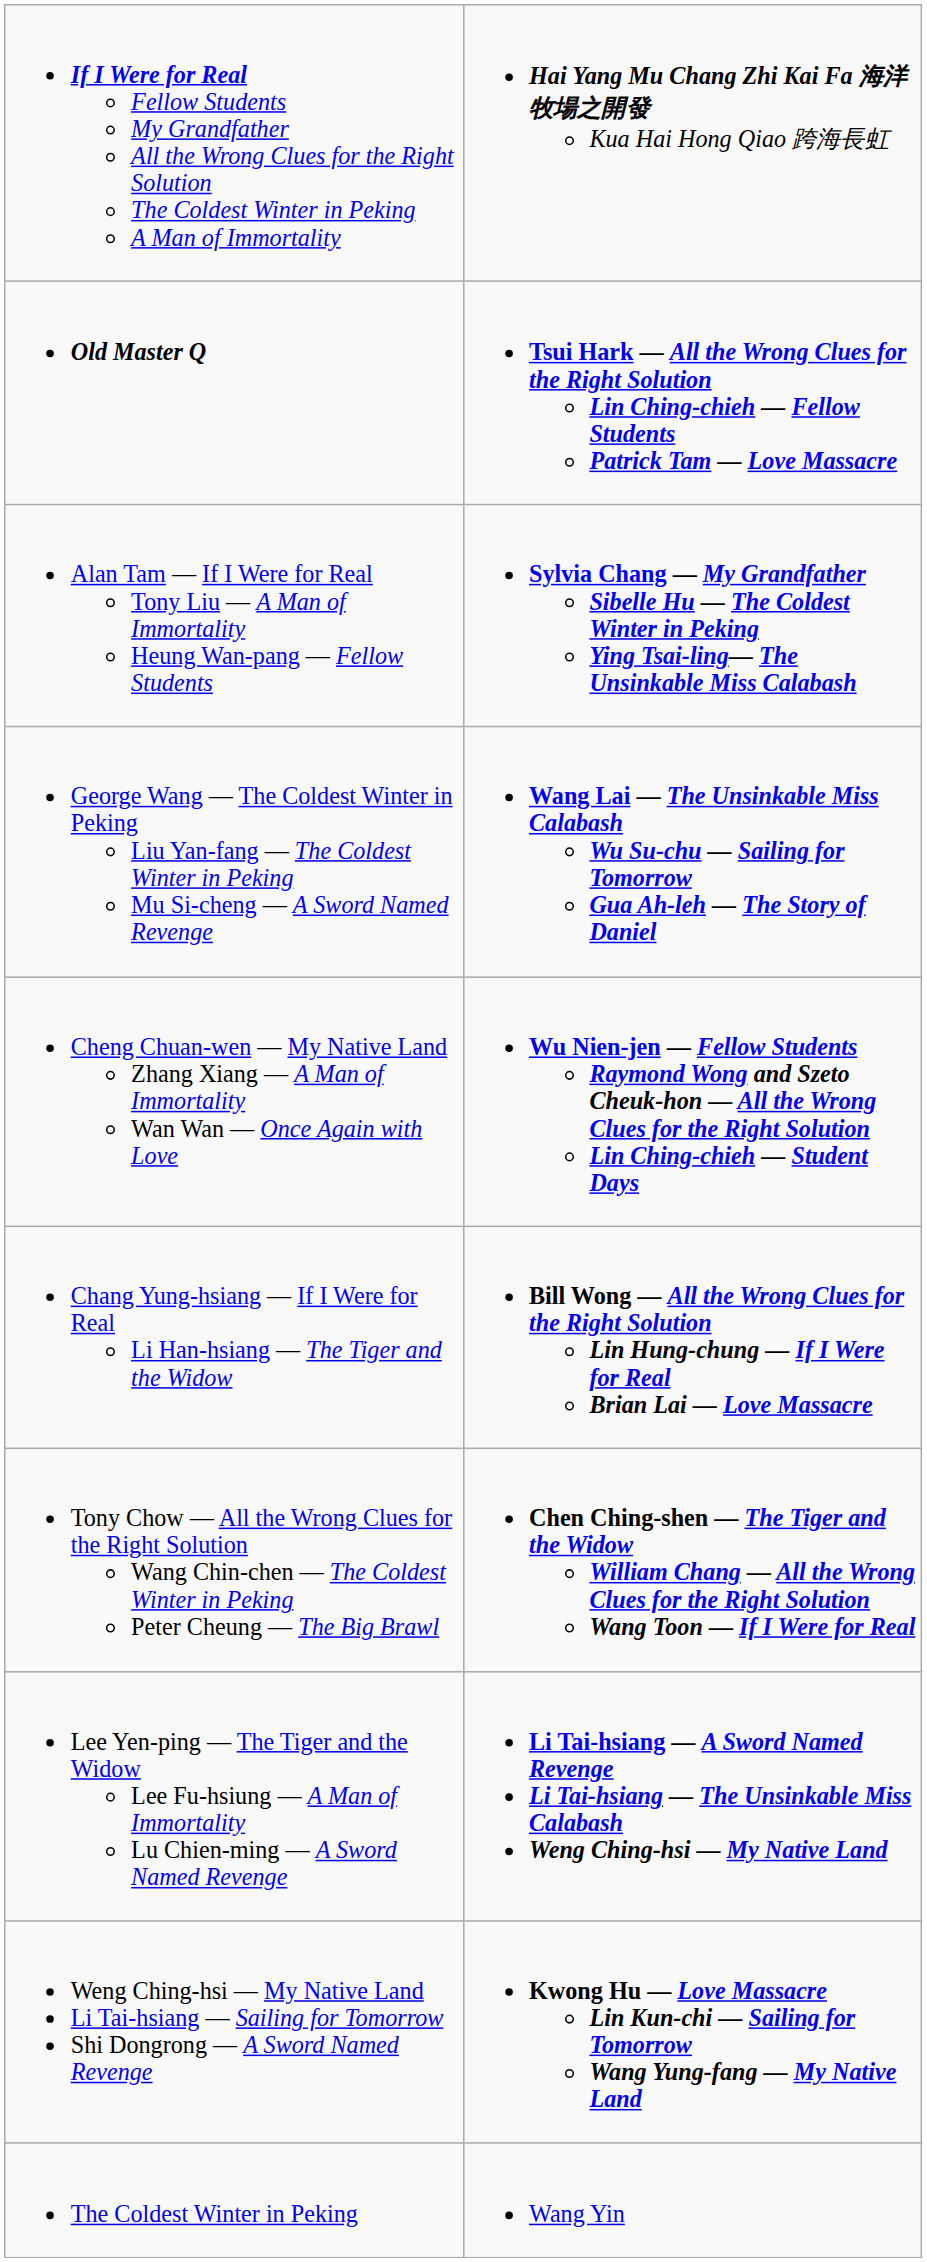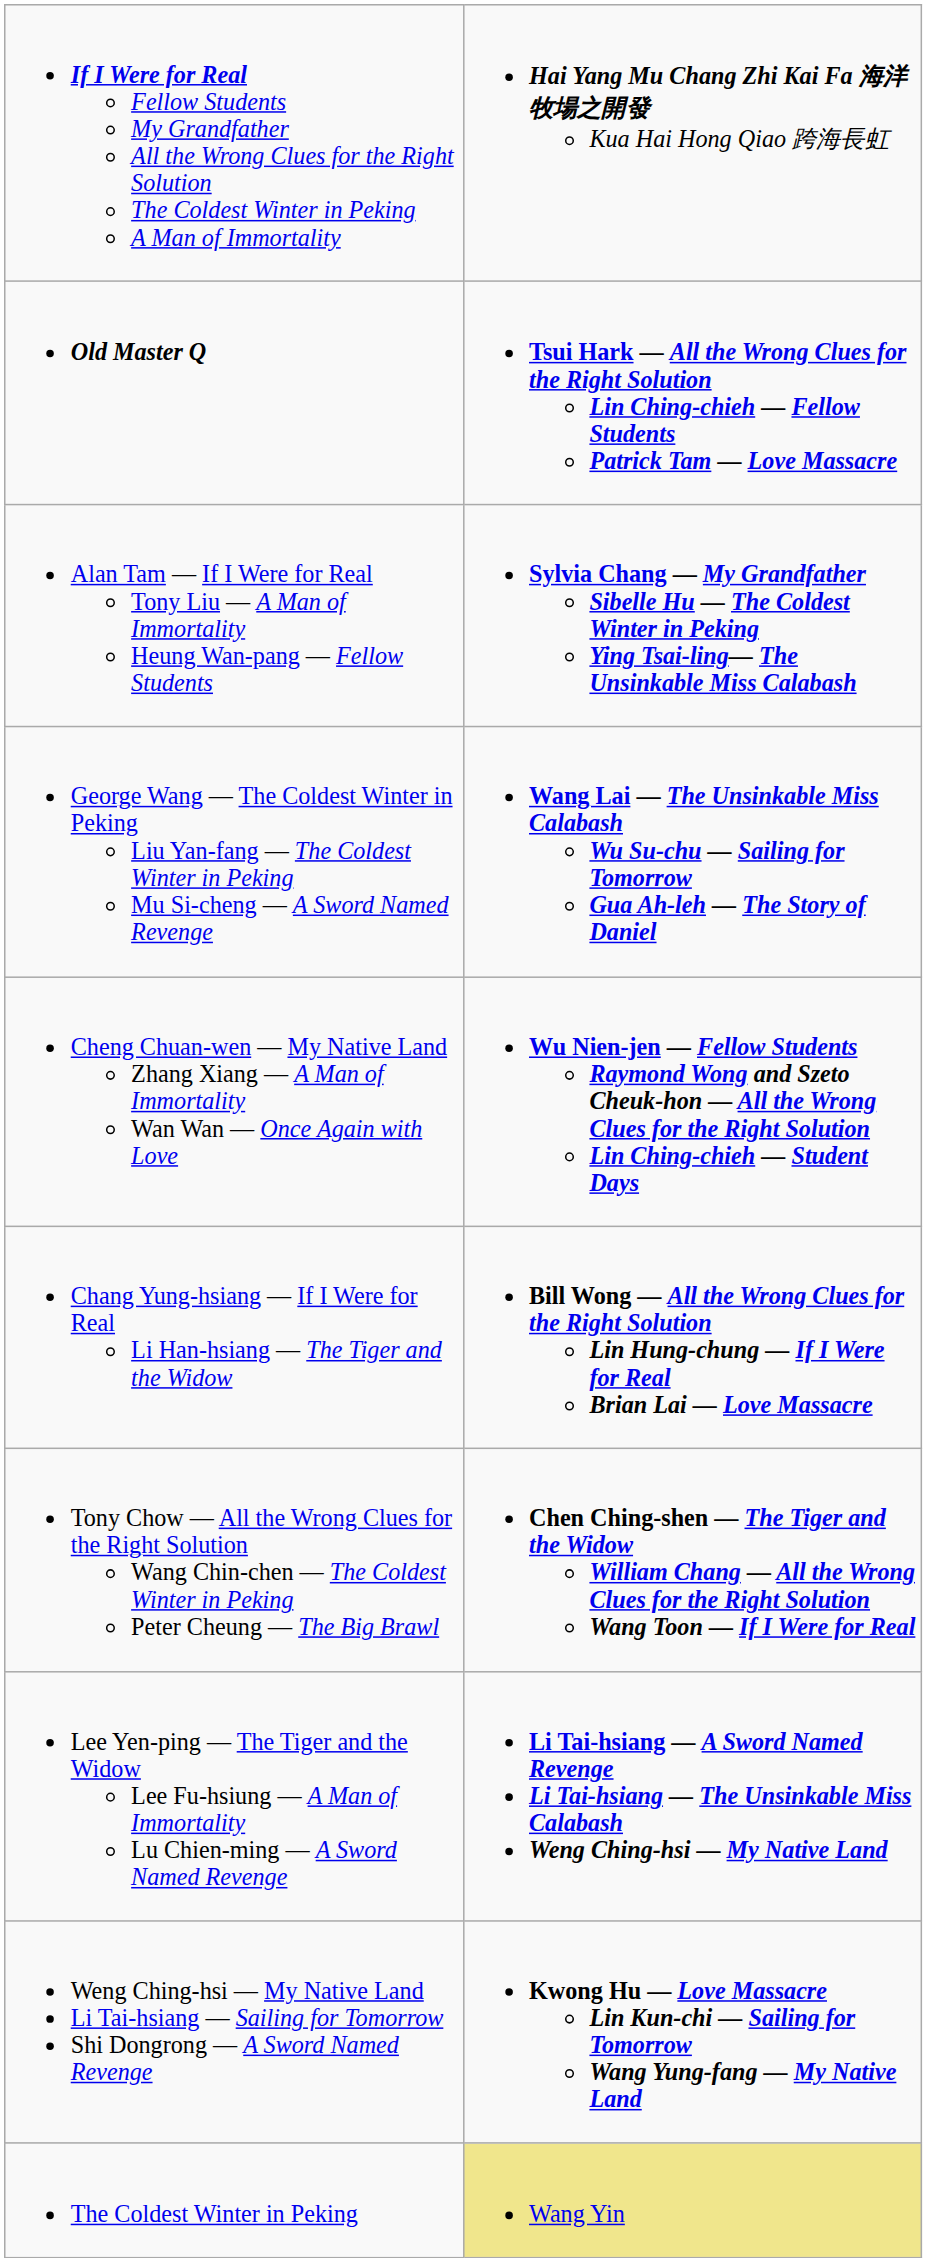 <table class=wikitable>
 <tr>
 <td valign="top" width="50%"><br><ul><li><strong><em><a href='#'>If I Were for Real</a></em></strong><ul><li><em><a href='#'>Fellow Students</a></em></li><li><em><a href='#'>My Grandfather</a></em></li><li><em><a href='#'>All the Wrong Clues for the Right Solution</a></em></li><li><em><a href='#'>The Coldest Winter in Peking</a></em></li><li><em><a href='#'>A Man of Immortality</a></em></li></ul></li></ul></td>
 <td valign="top" width="50%"><br><ul><li><strong><em>Hai Yang Mu Chang Zhi Kai Fa 海洋牧場之開發</em></strong><ul><li><em>Kua Hai Hong Qiao 跨海長虹</em></li></ul></li></ul></td>
 </tr>
 <tr>
 <td valign="top" width="50%"><br><ul><li><strong><em>Old Master Q</em></strong></li></ul></td>
 <td valign="top" width="50%"><br><ul><li><strong><a href='#'>Tsui Hark</a> — <em><a href='#'>All the Wrong Clues for the Right Solution</a><strong><em><ul><li><a href='#'>Lin Ching-chieh</a> — </em><a href='#'>Fellow Students</a><em></li><li><a href='#'>Patrick Tam</a> — </em><a href='#'>Love Massacre</a><em></li></ul></li></ul></td>
 </tr>
 <tr>
 <td valign="top" width="50%"><br><ul><li></strong><a href='#'>Alan Tam</a> — </em><a href='#'>If I Were for Real</a></em></strong><ul><li><a href='#'>Tony Liu</a> — <em><a href='#'>A Man of Immortality</a></em></li><li><a href='#'>Heung Wan-pang</a> — <em><a href='#'>Fellow Students</a></em></li></ul></li></ul></td>
 <td valign="top" width="50%"><br><ul><li><strong><a href='#'>Sylvia Chang</a> — <em><a href='#'>My Grandfather</a><strong><em><ul><li><a href='#'>Sibelle Hu</a> — </em><a href='#'>The Coldest Winter in Peking</a><em></li><li><a href='#'>Ying Tsai-ling</a>— </em><a href='#'>The Unsinkable Miss Calabash</a><em></li></ul></li></ul></td>
 </tr>
 <tr>
 <td valign="top" width="50%"><br><ul><li></strong><a href='#'>George Wang</a> — </em><a href='#'>The Coldest Winter in Peking</a></em></strong><ul><li><a href='#'>Liu Yan-fang</a> — <em><a href='#'>The Coldest Winter in Peking</a></em></li><li><a href='#'>Mu Si-cheng</a> — <em><a href='#'>A Sword Named Revenge</a></em></li></ul></li></ul></td>
 <td valign="top" width="50%"><br><ul><li><strong><a href='#'>Wang Lai</a> — <em><a href='#'>The Unsinkable Miss Calabash</a><strong><em><ul><li><a href='#'>Wu Su-chu</a> — </em><a href='#'>Sailing for Tomorrow</a><em></li><li><a href='#'>Gua Ah-leh</a> — </em><a href='#'>The Story of Daniel</a><em></li></ul></li></ul></td>
 </tr>
 <tr>
 <td valign="top" width="50%"><br><ul><li></strong><a href='#'>Cheng Chuan-wen</a> — </em><a href='#'>My Native Land</a></em></strong><ul><li>Zhang Xiang — <em><a href='#'>A Man of Immortality</a></em></li><li>Wan Wan — <em><a href='#'>Once Again with Love</a></em></li></ul></li></ul></td>
 <td valign="top" width="50%"><br><ul><li><strong><a href='#'>Wu Nien-jen</a> — <em><a href='#'>Fellow Students</a><strong><em><ul><li><a href='#'>Raymond Wong</a> and Szeto Cheuk-hon — </em><a href='#'>All the Wrong Clues for the Right Solution</a><em></li><li><a href='#'>Lin Ching-chieh</a>  — </em><a href='#'>Student Days</a><em></li></ul></li></ul></td>
 </tr>
 <tr>
 <td valign="top" width="50%"><br><ul><li></strong><a href='#'>Chang Yung-hsiang</a> — </em><a href='#'>If I Were for Real</a></em></strong><ul><li><a href='#'>Li Han-hsiang</a>  — <em><a href='#'>The Tiger and the Widow</a></em></li></ul></li></ul></td>
 <td valign="top" width="50%"><br><ul><li><strong>Bill Wong — <em><a href='#'>All the Wrong Clues for the Right Solution</a><strong><em><ul><li>Lin Hung-chung — </em><a href='#'>If I Were for Real</a><em></li><li>Brian Lai — </em><a href='#'>Love Massacre</a><em></li></ul></li></ul></td>
 </tr>
 <tr>
 <td valign="top" width="50%"><br><ul><li></strong>Tony Chow — </em><a href='#'>All the Wrong Clues for the Right Solution</a></em></strong><ul><li>Wang Chin-chen — <em><a href='#'>The Coldest Winter in Peking</a></em></li><li>Peter Cheung  — <em><a href='#'>The Big Brawl</a></em></li></ul></li></ul></td>
 <td valign="top" width="50%"><br><ul><li><strong>Chen Ching-shen — <em><a href='#'>The Tiger and the Widow</a><strong><em><ul><li><a href='#'>William Chang</a> — </em><a href='#'>All the Wrong Clues for the Right Solution</a><em></li><li>Wang Toon — </em><a href='#'>If I Were for Real</a><em></li></ul></li></ul></td>
 </tr>
 <tr>
 <td valign="top" width="50%"><br><ul><li></strong>Lee Yen-ping  — </em><a href='#'>The Tiger and the Widow</a></em></strong><ul><li>Lee Fu-hsiung — <em><a href='#'>A Man of Immortality</a></em></li><li>Lu Chien-ming — <em><a href='#'>A Sword Named Revenge</a></em></li></ul></li></ul></td>
 <td valign="top" width="50%"><br><ul><li><strong><a href='#'>Li Tai-hsiang</a> — <em><a href='#'>A Sword Named Revenge</a><strong><em></li><li><a href='#'>Li Tai-hsiang</a> — </em><a href='#'>The Unsinkable Miss Calabash</a><em></li><li>Weng Ching-hsi — </em><a href='#'>My Native Land</a><em></li></ul></td>
 </tr>
 <tr>
 <td valign="top" width="50%"><br><ul><li></strong>Weng Ching-hsi — </em><a href='#'>My Native Land</a></em></strong></li><li><a href='#'>Li Tai-hsiang</a> — <em><a href='#'>Sailing for Tomorrow</a></em></li><li>Shi Dongrong — <em><a href='#'>A Sword Named Revenge</a></em></li></ul></td>
 <td valign="top" width="50%"><br><ul><li><strong>Kwong Hu  — <em><a href='#'>Love Massacre</a><strong><em><ul><li>Lin Kun-chi — </em><a href='#'>Sailing for Tomorrow</a><em></li><li>Wang Yung-fang — </em><a href='#'>My Native Land</a><em></li></ul></li></ul></td>
 </tr>
 <tr>
 <td valign="top" width="50%"><br><ul><li></em></strong><a href='#'>The Coldest Winter in Peking</a><strong><em></li></ul></td>
-<td valign="top" width="50%"><br><ul><li></strong><a href='#'>Wang Yin</a><strong></li></ul></td>
+<td valign="top" width="50%" style="background: khaki;"><br><ul><li></strong><a href='#'>Wang Yin</a><strong></li></ul></td>
 </tr>
 </table>
